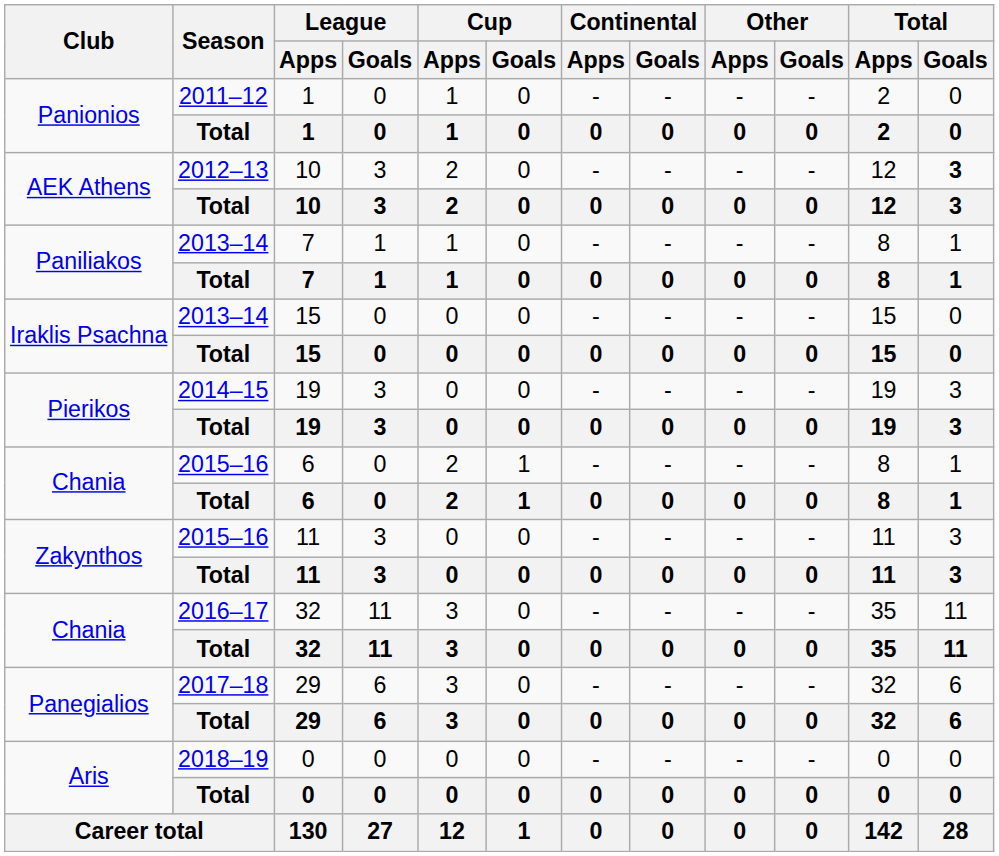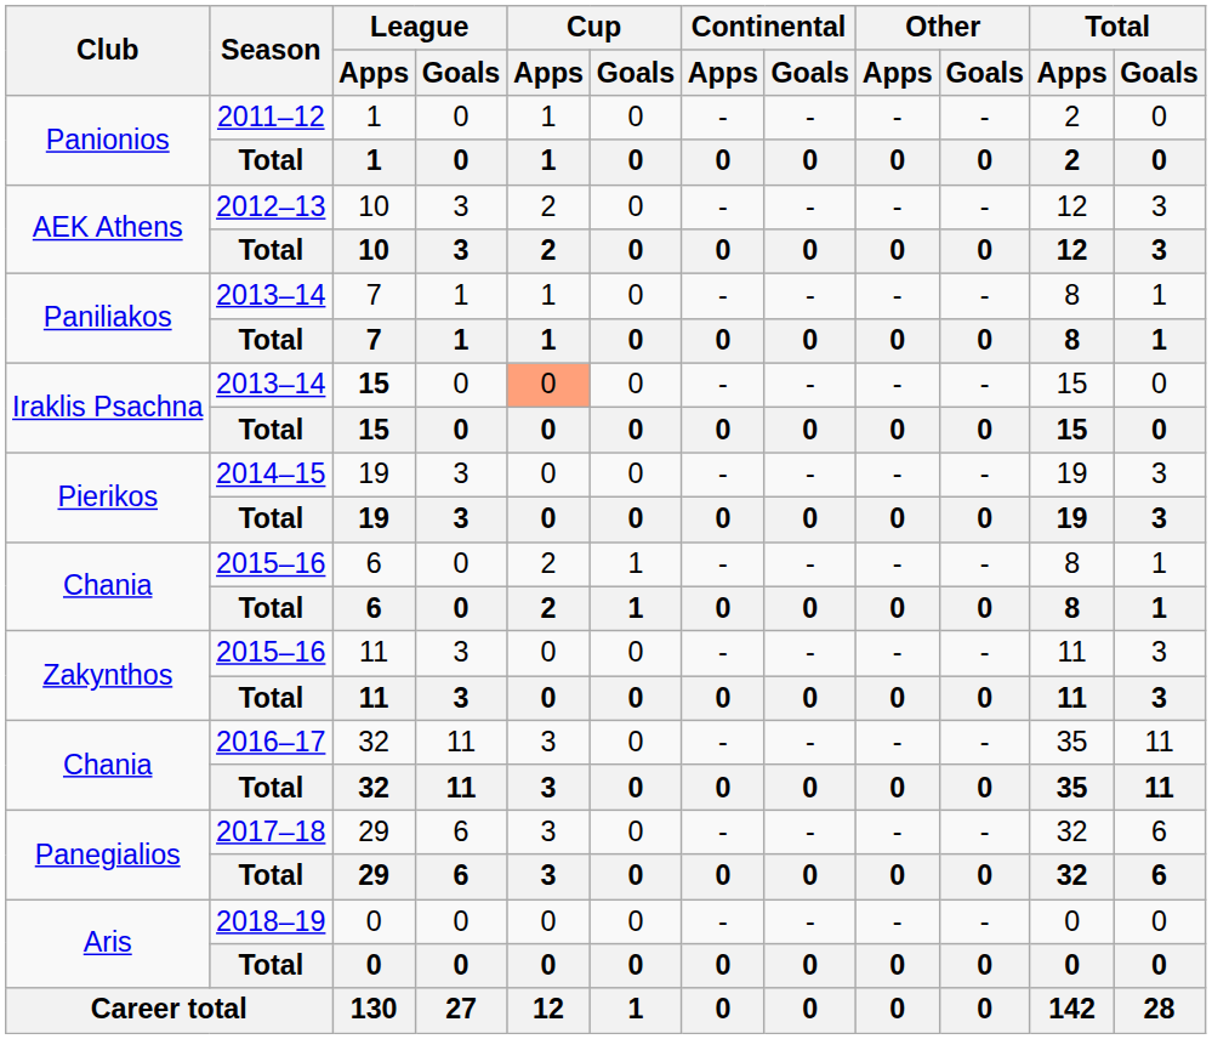 <table class="wikitable" style="text-align:center">
 <tr>
 <th rowspan=2>Club</th>
 <th rowspan=2>Season</th>
 <th colspan=2>League</th>
 <th colspan=2>Cup</th>
 <th colspan=2>Continental</th>
 <th colspan=2>Other</th>
 <th colspan=2>Total</th>
 </tr>
 <tr>
 <th>Apps</th>
 <th>Goals</th>
 <th>Apps</th>
 <th>Goals</th>
 <th>Apps</th>
 <th>Goals</th>
 <th>Apps</th>
 <th>Goals</th>
 <th>Apps</th>
 <th>Goals</th>
 </tr>
 <tr>
 <td rowspan=2><a href='#'>Panionios</a></td>
 <td><a href='#'>2011–12</a></td>
 <td>1</td>
 <td>0</td>
 <td>1</td>
 <td>0</td>
 <td>-</td>
 <td>-</td>
 <td>-</td>
 <td>-</td>
 <td>2</td>
 <td>0</td>
 </tr>
 <tr>
 <th>Total</th>
 <th>1</th>
 <th>0</th>
 <th>1</th>
 <th>0</th>
 <th>0</th>
 <th>0</th>
 <th>0</th>
 <th>0</th>
 <th>2</th>
 <th>0</th>
 </tr>
 <tr>
 <td rowspan=2><a href='#'>AEK Athens</a></td>
 <td><a href='#'>2012–13</a></td>
 <td>10</td>
 <td>3</td>
 <td>2</td>
 <td>0</td>
 <td>-</td>
 <td>-</td>
 <td>-</td>
 <td>-</td>
 <td>12</td>
-<td><strong>3</strong></td>
+<td>3</td>
 </tr>
 <tr>
 <th>Total</th>
 <th>10</th>
 <th>3</th>
 <th>2</th>
 <th>0</th>
 <th>0</th>
 <th>0</th>
 <th>0</th>
 <th>0</th>
 <th>12</th>
 <th>3</th>
 </tr>
 <tr>
 <td rowspan=2><a href='#'>Paniliakos</a></td>
 <td><a href='#'>2013–14</a></td>
 <td>7</td>
 <td>1</td>
 <td>1</td>
 <td>0</td>
 <td>-</td>
 <td>-</td>
 <td>-</td>
 <td>-</td>
 <td>8</td>
 <td>1</td>
 </tr>
 <tr>
 <th>Total</th>
 <th>7</th>
 <th>1</th>
 <th>1</th>
 <th>0</th>
 <th>0</th>
 <th>0</th>
 <th>0</th>
 <th>0</th>
 <th>8</th>
 <th>1</th>
 </tr>
 <tr>
 <td rowspan=2><a href='#'>Iraklis Psachna</a></td>
 <td><a href='#'>2013–14</a></td>
-<td>15</td>
+<td><strong>15</strong></td>
 <td>0</td>
-<td>0</td>
+<td style="background: lightsalmon;">0</td>
 <td>0</td>
 <td>-</td>
 <td>-</td>
 <td>-</td>
 <td>-</td>
 <td>15</td>
 <td>0</td>
 </tr>
 <tr>
 <th>Total</th>
 <th>15</th>
 <th>0</th>
 <th>0</th>
 <th>0</th>
 <th>0</th>
 <th>0</th>
 <th>0</th>
 <th>0</th>
 <th>15</th>
 <th>0</th>
 </tr>
 <tr>
 <td rowspan=2><a href='#'>Pierikos</a></td>
 <td><a href='#'>2014–15</a></td>
 <td>19</td>
 <td>3</td>
 <td>0</td>
 <td>0</td>
 <td>-</td>
 <td>-</td>
 <td>-</td>
 <td>-</td>
 <td>19</td>
 <td>3</td>
 </tr>
 <tr>
 <th>Total</th>
 <th>19</th>
 <th>3</th>
 <th>0</th>
 <th>0</th>
 <th>0</th>
 <th>0</th>
 <th>0</th>
 <th>0</th>
 <th>19</th>
 <th>3</th>
 </tr>
 <tr>
 <td rowspan=2><a href='#'>Chania</a></td>
 <td><a href='#'>2015–16</a></td>
 <td>6</td>
 <td>0</td>
 <td>2</td>
 <td>1</td>
 <td>-</td>
 <td>-</td>
 <td>-</td>
 <td>-</td>
 <td>8</td>
 <td>1</td>
 </tr>
 <tr>
 <th>Total</th>
 <th>6</th>
 <th>0</th>
 <th>2</th>
 <th>1</th>
 <th>0</th>
 <th>0</th>
 <th>0</th>
 <th>0</th>
 <th>8</th>
 <th>1</th>
 </tr>
 <tr>
 <td rowspan=2><a href='#'>Zakynthos</a></td>
 <td><a href='#'>2015–16</a></td>
 <td>11</td>
 <td>3</td>
 <td>0</td>
 <td>0</td>
 <td>-</td>
 <td>-</td>
 <td>-</td>
 <td>-</td>
 <td>11</td>
 <td>3</td>
 </tr>
 <tr>
 <th>Total</th>
 <th>11</th>
 <th>3</th>
 <th>0</th>
 <th>0</th>
 <th>0</th>
 <th>0</th>
 <th>0</th>
 <th>0</th>
 <th>11</th>
 <th>3</th>
 </tr>
 <tr>
 <td rowspan=2><a href='#'>Chania</a></td>
 <td><a href='#'>2016–17</a></td>
 <td>32</td>
 <td>11</td>
 <td>3</td>
 <td>0</td>
 <td>-</td>
 <td>-</td>
 <td>-</td>
 <td>-</td>
 <td>35</td>
 <td>11</td>
 </tr>
 <tr>
 <th>Total</th>
 <th>32</th>
 <th>11</th>
 <th>3</th>
 <th>0</th>
 <th>0</th>
 <th>0</th>
 <th>0</th>
 <th>0</th>
 <th>35</th>
 <th>11</th>
 </tr>
 <tr>
 <td rowspan=2><a href='#'>Panegialios</a></td>
 <td><a href='#'>2017–18</a></td>
 <td>29</td>
 <td>6</td>
 <td>3</td>
 <td>0</td>
 <td>-</td>
 <td>-</td>
 <td>-</td>
 <td>-</td>
 <td>32</td>
 <td>6</td>
 </tr>
 <tr>
 <th>Total</th>
 <th>29</th>
 <th>6</th>
 <th>3</th>
 <th>0</th>
 <th>0</th>
 <th>0</th>
 <th>0</th>
 <th>0</th>
 <th>32</th>
 <th>6</th>
 </tr>
 <tr>
 <td rowspan=2><a href='#'>Aris</a></td>
 <td><a href='#'>2018–19</a></td>
 <td>0</td>
 <td>0</td>
 <td>0</td>
 <td>0</td>
 <td>-</td>
 <td>-</td>
 <td>-</td>
 <td>-</td>
 <td>0</td>
 <td>0</td>
 </tr>
 <tr>
 <th>Total</th>
 <th>0</th>
 <th>0</th>
 <th>0</th>
 <th>0</th>
 <th>0</th>
 <th>0</th>
 <th>0</th>
 <th>0</th>
 <th>0</th>
 <th>0</th>
 </tr>
 <tr>
 <th colspan=2>Career total</th>
 <th>130</th>
 <th>27</th>
 <th>12</th>
 <th>1</th>
 <th>0</th>
 <th>0</th>
 <th>0</th>
 <th>0</th>
 <th>142</th>
 <th>28</th>
 </tr>
 </table>
